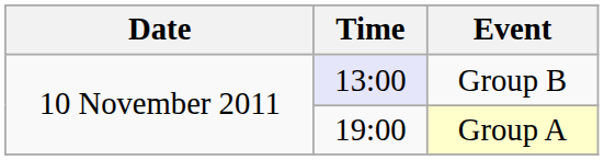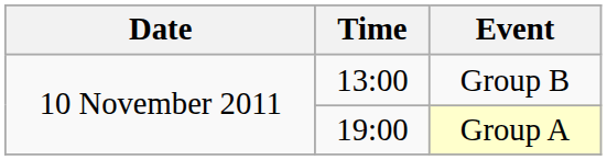 <table class = "wikitable" style="text-align:center;">
 <tr>
 <th width=150>Date</th>
 <th width=50>Time</th>
 <th width=80>Event</th>
 </tr>
 <tr>
 <td rowspan=2>10 November 2011</td>
-<td style="background: lavender;">13:00</td>
+<td>13:00</td>
 <td>Group B</td>
 </tr>
 <tr>
 <td>19:00</td>
 <td bgcolor=ffffcc>Group A</td>
 </tr>
 </table>
